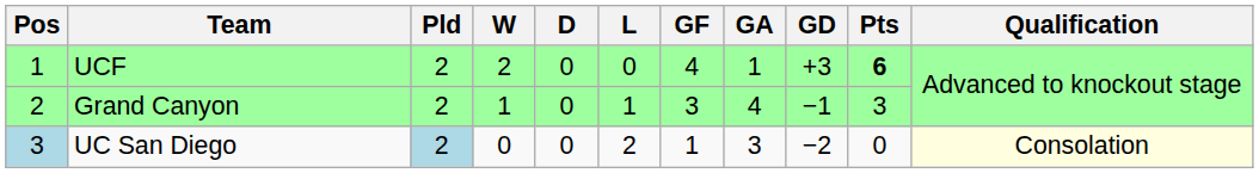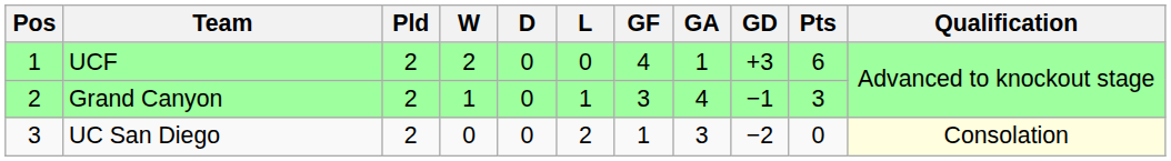 <table class="wikitable" style="text-align:center; margin: 1em auto">
 <tr>
 <th style="width:2em">Pos</th>
 <th style="width:13em">Team</th>
 <th style="width:2em">Pld</th>
 <th style="width:2em">W</th>
 <th style="width:2em">D</th>
 <th style="width:2em">L</th>
 <th style="width:2em">GF</th>
 <th style="width:2em">GA</th>
 <th style="width:2em">GD</th>
 <th style="width:2em">Pts</th>
 <th style="width:13em">Qualification</th>
 </tr>
 <tr bgcolor="#9eff9e">
 <td>1</td>
 <td style="text-align:left">UCF</td>
 <td>2</td>
 <td>2</td>
 <td>0</td>
 <td>0</td>
 <td>4</td>
 <td>1</td>
 <td>+3</td>
-<td><strong>6</strong></td>
+<td>6</td>
 <td rowspan="2">Advanced to knockout stage</td>
 </tr>
 <tr bgcolor="#9eff9e">
 <td>2</td>
 <td style="text-align:left">Grand Canyon</td>
 <td>2</td>
 <td>1</td>
 <td>0</td>
 <td>1</td>
 <td>3</td>
 <td>4</td>
 <td>−1</td>
 <td>3</td>
 </tr>
 <tr>
-<td style="background: lightblue;">3</td>
+<td>3</td>
 <td style="text-align:left">UC San Diego</td>
-<td style="background: lightblue;">2</td>
+<td>2</td>
 <td>0</td>
 <td>0</td>
 <td>2</td>
 <td>1</td>
 <td>3</td>
 <td>−2</td>
 <td>0</td>
 <td style="background: lightyellow;">Consolation</td>
 </tr>
 </table>
